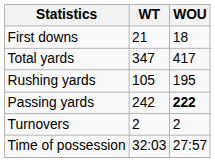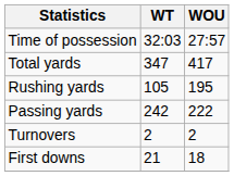 <table class="wikitable">
 <tr>
 <th>Statistics</th>
 <th>WT</th>
 <th>WOU</th>
 </tr>
 <tr>
-<td>First downs</td>
-<td>21</td>
-<td>18</td>
+<td>Time of possession</td>
+<td>32:03</td>
+<td>27:57</td>
 </tr>
 <tr>
 <td>Total yards</td>
 <td>347</td>
 <td>417</td>
 </tr>
 <tr>
 <td>Rushing yards</td>
 <td>105</td>
 <td>195</td>
 </tr>
 <tr>
 <td>Passing yards</td>
 <td>242</td>
-<td><strong>222</strong></td>
+<td>222</td>
 </tr>
 <tr>
 <td>Turnovers</td>
 <td>2</td>
 <td>2</td>
 </tr>
 <tr>
-<td>Time of possession</td>
-<td>32:03</td>
-<td>27:57</td>
+<td>First downs</td>
+<td>21</td>
+<td>18</td>
 </tr>
 <tr>
 </tr>
 </table>
